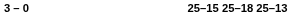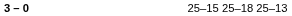 <table width=100% cellspacing=1>
 <tr>
 <th width=20%></th>
 <th width=12%></th>
 <th width=20%></th>
 <th width=33%></th>
 <td></td>
 </tr>
 <tr style=font-size:95%>
 <td align=right><strong></strong></td>
 <td align=center><strong>3 – 0</strong></td>
 <td></td>
-<td><strong>25–15 25–18 25–13</strong></td>
+<td>25–15 25–18 25–13</td>
 </tr>
 </table>
